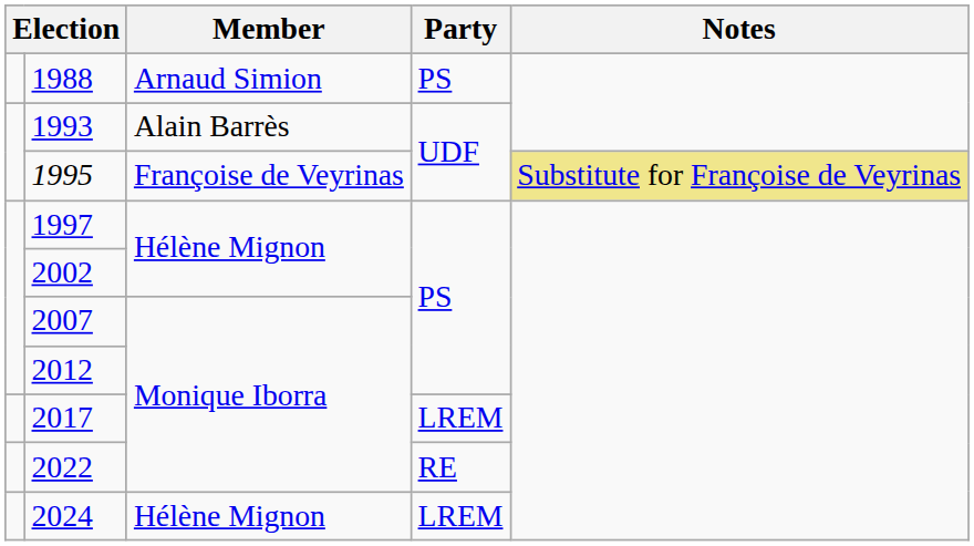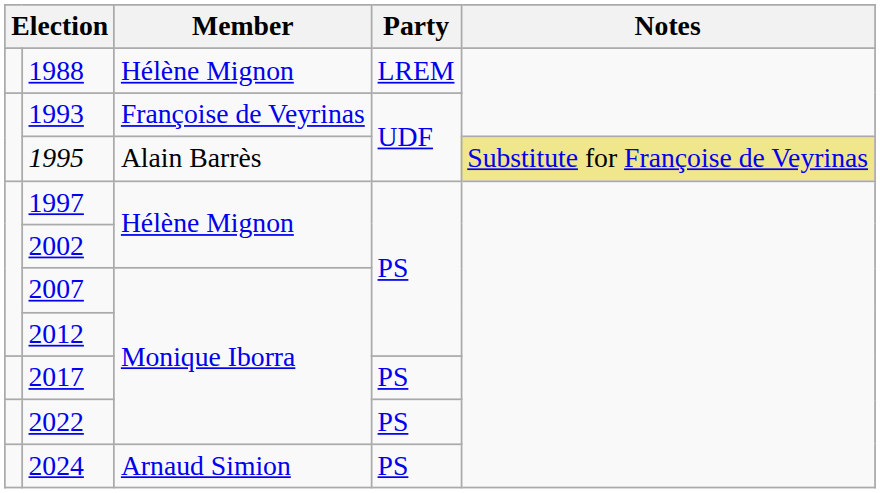 <table class="wikitable">
 <tr>
 <th colspan="2">Election</th>
 <th>Member</th>
 <th>Party</th>
 <th>Notes</th>
 </tr>
 <tr>
 <td style="color:inherit;background-color:"></td>
 <td><a href='#'>1988</a></td>
-<td><a href='#'>Arnaud Simion</a></td>
-<td><a href='#'>PS</a></td>
+<td><a href='#'>Hélène Mignon</a></td>
+<td><a href='#'>LREM</a></td>
 </tr>
 <tr>
 <td rowspan="2" style="color:inherit;background-color:"></td>
 <td><a href='#'>1993</a></td>
-<td>Alain Barrès</td>
+<td><a href='#'>Françoise de Veyrinas</a></td>
 <td rowspan="2"><a href='#'>UDF</a></td>
 </tr>
 <tr>
 <td><em>1995</em></td>
-<td><a href='#'>Françoise de Veyrinas</a></td>
+<td>Alain Barrès</td>
 <td style="background: khaki;"><a href='#'>Substitute</a> for <a href='#'>Françoise de Veyrinas</a></td>
 </tr>
 <tr>
 <td rowspan="4" style="color:inherit;background-color:"></td>
 <td><a href='#'>1997</a></td>
 <td rowspan="2"><a href='#'>Hélène Mignon</a></td>
 <td rowspan="4"><a href='#'>PS</a></td>
 </tr>
 <tr>
 <td><a href='#'>2002</a></td>
 </tr>
 <tr>
 <td><a href='#'>2007</a></td>
 <td rowspan="4"><a href='#'>Monique Iborra</a></td>
 </tr>
 <tr>
 <td><a href='#'>2012</a></td>
 </tr>
 <tr>
 <td style="color:inherit;background-color: "></td>
 <td><a href='#'>2017</a></td>
-<td><a href='#'>LREM</a></td>
+<td><a href='#'>PS</a></td>
 </tr>
 <tr>
 <td style="color:inherit;background-color: "></td>
 <td><a href='#'>2022</a></td>
-<td><a href='#'>RE</a></td>
+<td><a href='#'>PS</a></td>
 </tr>
 <tr>
 <td style="color:inherit;background-color: "></td>
 <td><a href='#'>2024</a></td>
-<td><a href='#'>Hélène Mignon</a></td>
-<td><a href='#'>LREM</a></td>
+<td><a href='#'>Arnaud Simion</a></td>
+<td><a href='#'>PS</a></td>
 </tr>
 </table>
